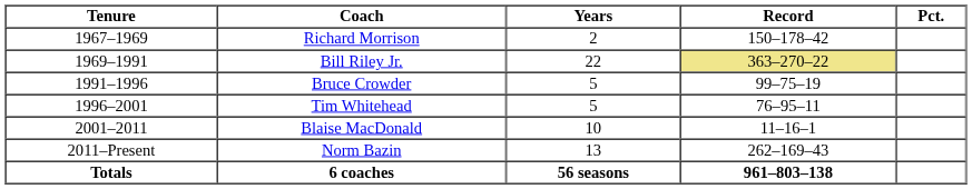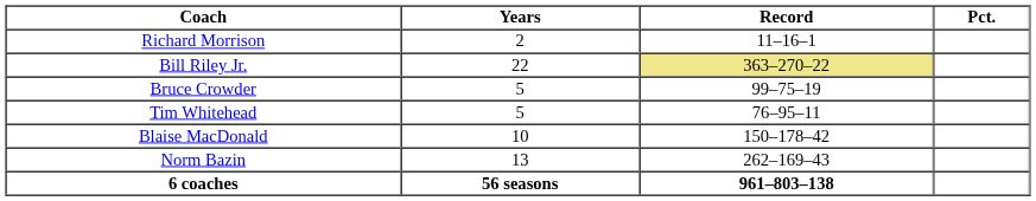 <table cellpadding="1" border="1" cellspacing="0" width="60%">
 <tr>
-<th>Tenure</th>
 <th>Coach</th>
 <th>Years</th>
 <th>Record</th>
 <th>Pct.</th>
 </tr>
 <tr align="center">
-<td>1967–1969</td>
 <td><a href='#'>Richard Morrison</a></td>
 <td>2</td>
-<td>150–178–42</td>
+<td>11–16–1</td>
 <td></td>
 </tr>
 <tr align="center">
-<td>1969–1991</td>
 <td><a href='#'>Bill Riley Jr.</a></td>
 <td>22</td>
 <td style="background: khaki;">363–270–22</td>
 <td></td>
 </tr>
 <tr align="center">
-<td>1991–1996</td>
 <td><a href='#'>Bruce Crowder</a></td>
 <td>5</td>
 <td>99–75–19</td>
 <td></td>
 </tr>
 <tr align="center">
-<td>1996–2001</td>
 <td><a href='#'>Tim Whitehead</a></td>
 <td>5</td>
 <td>76–95–11</td>
 <td></td>
 </tr>
 <tr align="center">
-<td>2001–2011</td>
 <td><a href='#'>Blaise MacDonald</a></td>
 <td>10</td>
-<td>11–16–1</td>
+<td>150–178–42</td>
 <td></td>
 </tr>
 <tr align="center">
-<td>2011–Present</td>
 <td><a href='#'>Norm Bazin</a></td>
 <td>13</td>
 <td>262–169–43</td>
 <td></td>
 </tr>
 <tr align=center>
-<th>Totals</th>
 <th>6 coaches</th>
 <th>56 seasons</th>
 <th>961–803–138</th>
 <th></th>
 </tr>
 </table>
